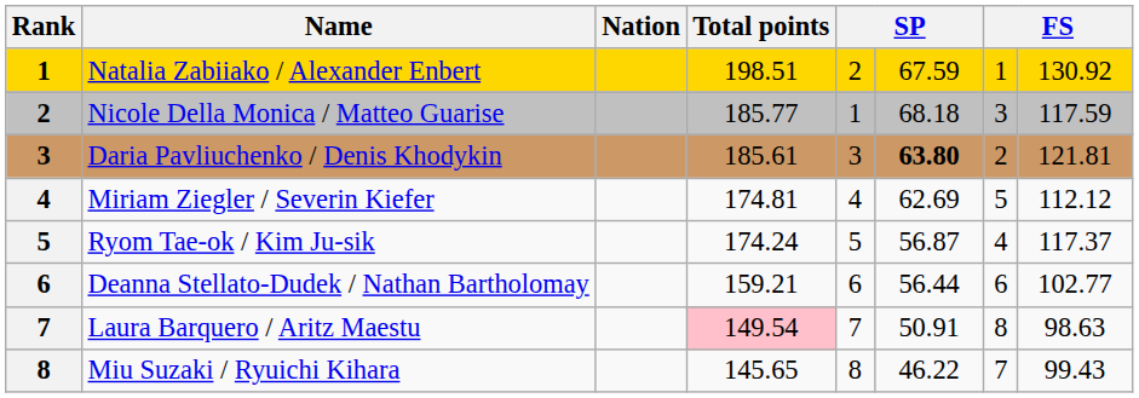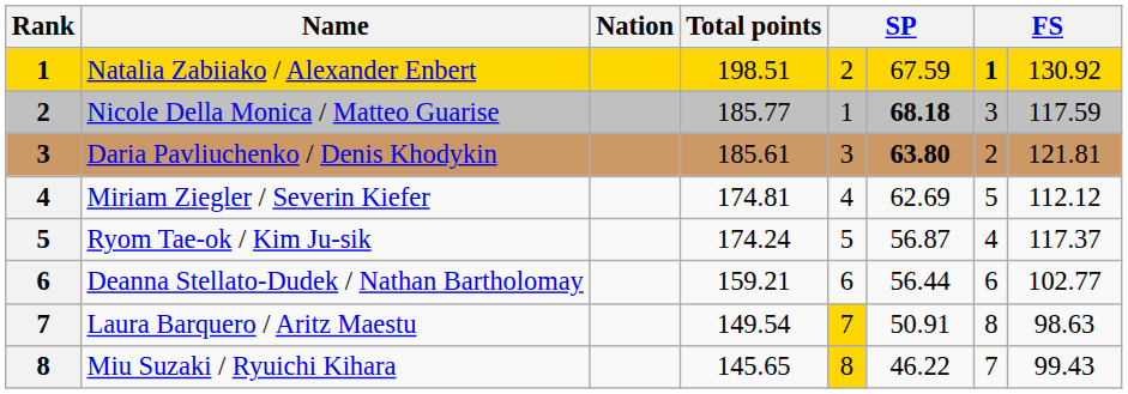 <table class="wikitable sortable">
 <tr>
 <th>Rank</th>
 <th>Name</th>
 <th>Nation</th>
 <th>Total points</th>
 <th colspan="2" width="80px"><a href='#'>SP</a></th>
 <th colspan="2" width="80px"><a href='#'>FS</a></th>
 </tr>
 <tr bgcolor="gold">
 <td align="center"><strong>1</strong></td>
 <td><a href='#'>Natalia Zabiiako</a> / <a href='#'>Alexander Enbert</a></td>
 <td></td>
 <td align="center">198.51</td>
 <td align="center">2</td>
 <td align="center">67.59</td>
-<td align="center">1</td>
+<td align="center"><strong>1</strong></td>
 <td align="center">130.92</td>
 </tr>
 <tr bgcolor="silver">
 <td align="center"><strong>2</strong></td>
 <td><a href='#'>Nicole Della Monica</a> / <a href='#'>Matteo Guarise</a></td>
 <td></td>
 <td align="center">185.77</td>
 <td align="center">1</td>
-<td align="center">68.18</td>
+<td align="center"><strong>68.18</strong></td>
 <td align="center">3</td>
 <td align="center">117.59</td>
 </tr>
 <tr bgcolor="cc9966">
 <td align="center"><strong>3</strong></td>
 <td><a href='#'>Daria Pavliuchenko</a> / <a href='#'>Denis Khodykin</a></td>
 <td></td>
 <td align="center">185.61</td>
 <td align="center">3</td>
 <td align="center"><strong>63.80</strong></td>
 <td align="center">2</td>
 <td align="center">121.81</td>
 </tr>
 <tr>
 <th>4</th>
 <td><a href='#'>Miriam Ziegler</a> / <a href='#'>Severin Kiefer</a></td>
 <td></td>
 <td align="center">174.81</td>
 <td align="center">4</td>
 <td align="center">62.69</td>
 <td align="center">5</td>
 <td align="center">112.12</td>
 </tr>
 <tr>
 <th>5</th>
 <td><a href='#'>Ryom Tae-ok</a> / <a href='#'>Kim Ju-sik</a></td>
 <td></td>
 <td align="center">174.24</td>
 <td align="center">5</td>
 <td align="center">56.87</td>
 <td align="center">4</td>
 <td align="center">117.37</td>
 </tr>
 <tr>
 <th>6</th>
 <td><a href='#'>Deanna Stellato-Dudek</a> / <a href='#'>Nathan Bartholomay</a></td>
 <td></td>
 <td align="center">159.21</td>
 <td align="center">6</td>
 <td align="center">56.44</td>
 <td align="center">6</td>
 <td align="center">102.77</td>
 </tr>
 <tr>
 <th>7</th>
 <td><a href='#'>Laura Barquero</a> / <a href='#'>Aritz Maestu</a></td>
 <td></td>
-<td align="center" style="background: pink;">149.54</td>
-<td align="center">7</td>
+<td align="center">149.54</td>
+<td align="center" style="background: gold;">7</td>
 <td align="center">50.91</td>
 <td align="center">8</td>
 <td align="center">98.63</td>
 </tr>
 <tr>
 <th>8</th>
 <td><a href='#'>Miu Suzaki</a> / <a href='#'>Ryuichi Kihara</a></td>
 <td></td>
 <td align="center">145.65</td>
-<td align="center">8</td>
+<td align="center" style="background: gold;">8</td>
 <td align="center">46.22</td>
 <td align="center">7</td>
 <td align="center">99.43</td>
 </tr>
 </table>
